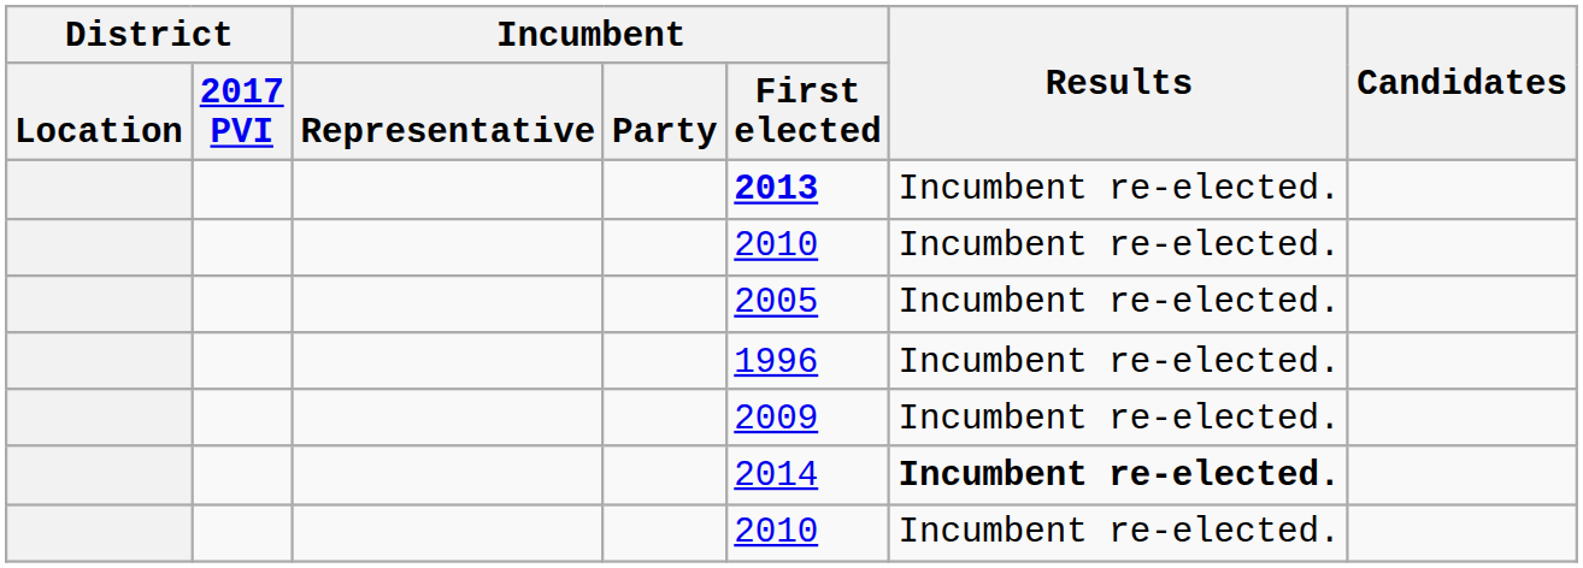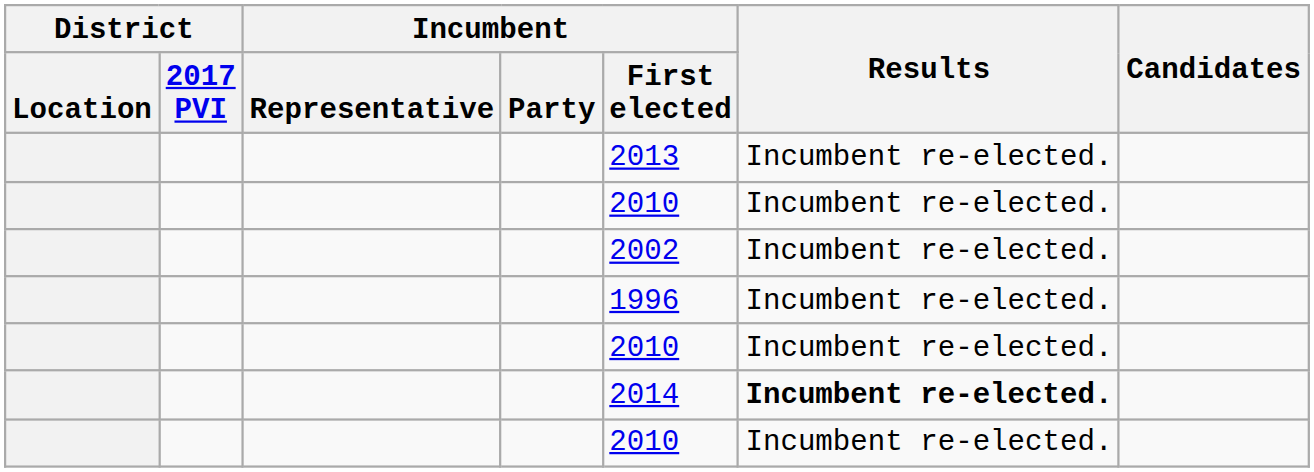 <table class="wikitable sortable">
 <tr>
 <th colspan=2>District</th>
 <th colspan=3>Incumbent</th>
 <th rowspan=2>Results</th>
 <th rowspan=2>Candidates</th>
 </tr>
 <tr valign=bottom>
 <th>Location</th>
 <th><a href='#'>2017<br>PVI</a></th>
 <th>Representative</th>
 <th>Party</th>
 <th>First<br>elected</th>
 </tr>
 <tr>
 <th></th>
 <td></td>
 <td></td>
 <td></td>
-<td><strong><a href='#'>2013 </a></strong></td>
+<td><a href='#'>2013 </a></td>
 <td>Incumbent re-elected.</td>
 <td nowrap></td>
 </tr>
 <tr>
 <th></th>
 <td></td>
 <td></td>
 <td></td>
 <td><a href='#'>2010</a></td>
 <td>Incumbent re-elected.</td>
 <td nowrap></td>
 </tr>
 <tr>
 <th></th>
 <td></td>
 <td></td>
 <td></td>
-<td><a href='#'>2005</a></td>
+<td><a href='#'>2002</a></td>
 <td>Incumbent re-elected.</td>
 <td nowrap></td>
 </tr>
 <tr>
 <th></th>
 <td></td>
 <td></td>
 <td></td>
 <td><a href='#'>1996</a></td>
 <td>Incumbent re-elected.</td>
 <td nowrap></td>
 </tr>
 <tr>
 <th></th>
 <td></td>
 <td></td>
 <td></td>
-<td><a href='#'>2009</a></td>
+<td><a href='#'>2010</a></td>
 <td>Incumbent re-elected.</td>
 <td nowrap></td>
 </tr>
 <tr>
 <th></th>
 <td></td>
 <td></td>
 <td></td>
 <td><a href='#'>2014</a></td>
 <td><strong>Incumbent re-elected.</strong></td>
 <td nowrap></td>
 </tr>
 <tr>
 <th></th>
 <td></td>
 <td></td>
 <td></td>
 <td><a href='#'>2010</a></td>
 <td>Incumbent re-elected.</td>
 <td nowrap></td>
 </tr>
 </table>
